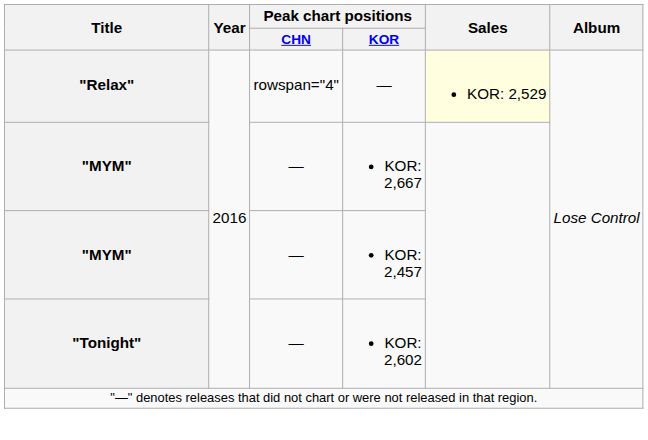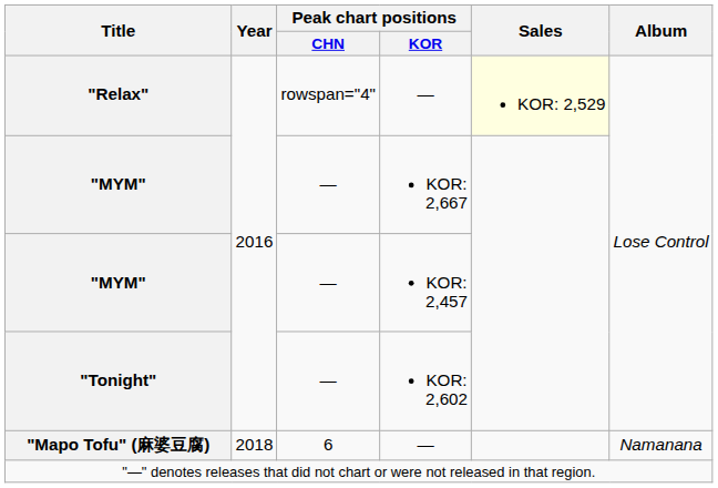 <table class="wikitable plainrowheaders" style="text-align:center;">
 <tr>
 <th scope="col" rowspan="2" style="width:13em;">Title</th>
 <th scope="col" rowspan="2">Year</th>
 <th scope="col" colspan="2">Peak chart positions</th>
 <th scope="col" rowspan="2">Sales</th>
 <th scope="col" rowspan="2">Album</th>
 </tr>
 <tr>
 <th scope="col" style="width:3em;font-size:90%;"><a href='#'>CHN</a><br></th>
 <th scope="col" style="width:3em;font-size:90%;"><a href='#'>KOR</a><br></th>
 </tr>
 <tr>
 <th scope="row">"Relax"</th>
 <td rowspan="4">2016</td>
 <td>rowspan="4" </td>
 <td>—</td>
 <td style="background: lightyellow;"><br><ul><li>KOR: 2,529</li></ul></td>
 <td rowspan="4"><em>Lose Control</em></td>
 </tr>
 <tr>
 <th scope="row">"MYM"</th>
 <td>—</td>
 <td><br><ul><li>KOR: 2,667</li></ul></td>
 </tr>
 <tr>
 <th scope="row">"MYM" </th>
 <td>—</td>
 <td><br><ul><li>KOR: 2,457</li></ul></td>
 </tr>
 <tr>
 <th scope="row">"Tonight"</th>
 <td>—</td>
 <td><br><ul><li>KOR: 2,602</li></ul></td>
 </tr>
 <tr>
+<th scope="row">"Mapo Tofu" (麻婆豆腐)</th>
+<td>2018</td>
+<td>6</td>
+<td>—</td>
+<td></td>
+<td><em>Namanana</em></td>
+</tr>
+<tr>
 <td colspan="6" style="font-size:85%">"—" denotes releases that did not chart or were not released in that region.</td>
 </tr>
 </table>
